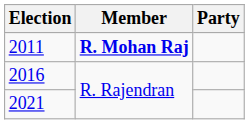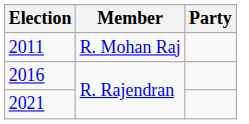 <table class="wikitable sortable">
 <tr>
 <th>Election</th>
 <th>Member</th>
 <th colspan="2">Party</th>
 </tr>
 <tr>
 <td><a href='#'>2011</a></td>
-<td><strong><a href='#'>R. Mohan Raj</a></strong></td>
+<td><a href='#'>R. Mohan Raj</a></td>
 <td></td>
 </tr>
 <tr>
 <td><a href='#'>2016</a></td>
 <td rowspan=2><a href='#'>R. Rajendran</a></td>
 <td></td>
 </tr>
 <tr>
 <td><a href='#'>2021</a></td>
 </tr>
 </table>
